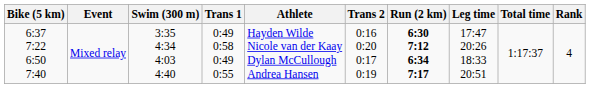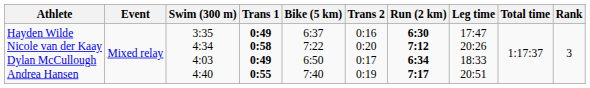 <table class=wikitable style="font-size:90%; text-align:center">
 <tr>
-<th>Bike (5 km)</th>
+<th>Athlete</th>
 <th>Event</th>
 <th>Swim (300 m)</th>
 <th>Trans 1</th>
-<th>Athlete</th>
+<th>Bike (5 km)</th>
 <th>Trans 2</th>
 <th>Run (2 km)</th>
 <th>Leg time</th>
 <th>Total time</th>
 <th>Rank</th>
 </tr>
 <tr>
-<td>6:37<br>7:22<br>6:50<br>7:40</td>
+<td align=left><a href='#'>Hayden Wilde</a><br><a href='#'>Nicole van der Kaay</a><br><a href='#'>Dylan McCullough</a><br><a href='#'>Andrea Hansen</a></td>
 <td><a href='#'>Mixed relay</a></td>
 <td>3:35<br>4:34<br>4:03<br>4:40</td>
-<td>0:49<br>0:58<br>0:49<br>0:55</td>
-<td align=left><a href='#'>Hayden Wilde</a><br><a href='#'>Nicole van der Kaay</a><br><a href='#'>Dylan McCullough</a><br><a href='#'>Andrea Hansen</a></td>
+<td><strong>0:49<br>0:58<br>0:49<br>0:55</strong></td>
+<td>6:37<br>7:22<br>6:50<br>7:40</td>
 <td>0:16<br>0:20<br>0:17<br>0:19</td>
 <td><strong>6:30<br>7:12<br>6:34<br>7:17</strong></td>
 <td>17:47<br>20:26<br>18:33<br>20:51</td>
 <td>1:17:37</td>
-<td>4</td>
+<td>3</td>
 </tr>
 </table>
